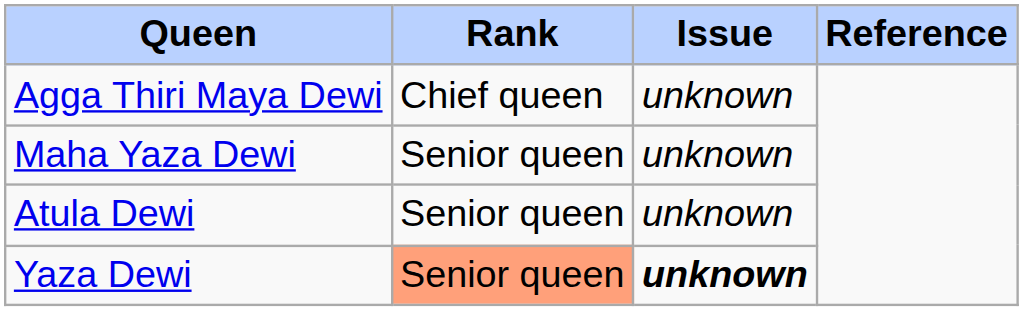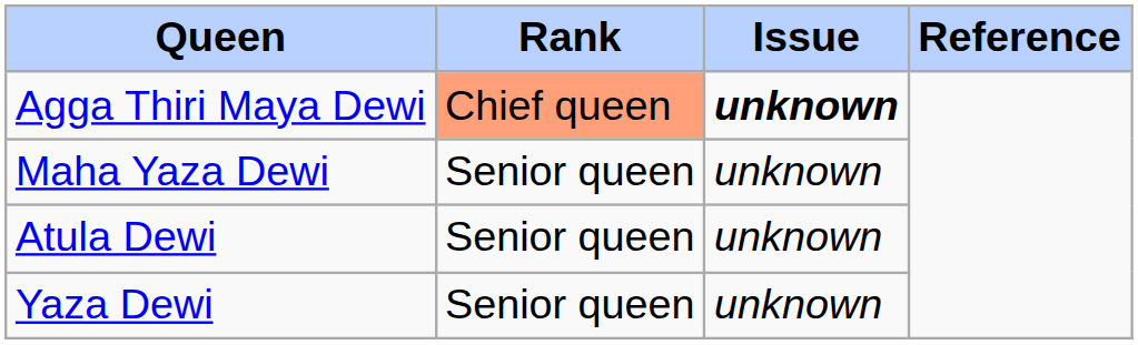 <table class="wikitable">
 <tr>
 <th style="background-color:#B9D1FF">Queen</th>
 <th style="background-color:#B9D1FF">Rank</th>
 <th style="background-color:#B9D1FF">Issue</th>
 <th style="background-color:#B9D1FF">Reference</th>
 </tr>
 <tr>
 <td><a href='#'>Agga Thiri Maya Dewi</a></td>
-<td>Chief queen</td>
-<td><em>unknown</em></td>
+<td style="background: lightsalmon;">Chief queen</td>
+<td><strong><em>unknown</em></strong></td>
 <td rowspan=4></td>
 </tr>
 <tr>
 <td><a href='#'>Maha Yaza Dewi</a></td>
 <td>Senior queen</td>
 <td><em>unknown</em></td>
 </tr>
 <tr>
 <td><a href='#'>Atula Dewi</a></td>
 <td>Senior queen</td>
 <td><em>unknown</em></td>
 </tr>
 <tr>
 <td><a href='#'>Yaza Dewi</a></td>
-<td style="background: lightsalmon;">Senior queen</td>
-<td><strong><em>unknown</em></strong></td>
+<td>Senior queen</td>
+<td><em>unknown</em></td>
 </tr>
 </table>
